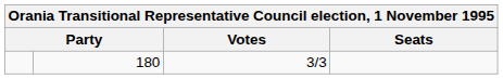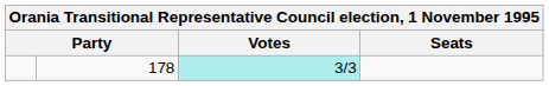 <table class=wikitable style="text-align:right">
 <tr>
 <th colspan="9" align="center">Orania Transitional Representative Council election, 1 November 1995</th>
 </tr>
 <tr>
 <th colspan="2">Party</th>
 <th>Votes</th>
 <th>Seats</th>
 </tr>
 <tr>
 <td></td>
-<td>180</td>
-<td>3/3</td>
+<td>178</td>
+<td style="background: paleturquoise;">3/3</td>
 </tr>
 </table>
